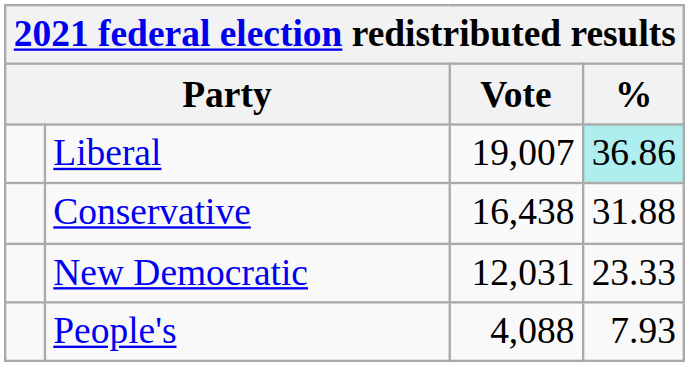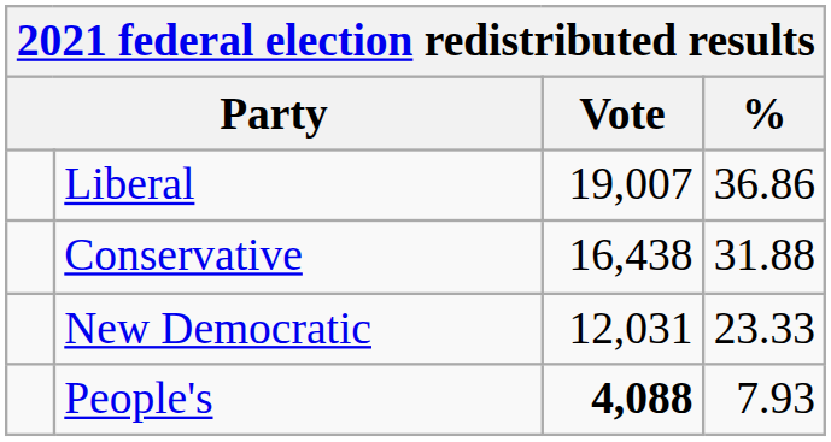 <table class="wikitable">
 <tr>
 <th colspan="4"><a href='#'>2021 federal election</a> redistributed results</th>
 </tr>
 <tr>
 <th bgcolor="#DDDDFF" width="130px" colspan="2">Party</th>
 <th bgcolor="#DDDDFF" width="50px">Vote</th>
 <th bgcolor="#DDDDFF" width="30px">%</th>
 </tr>
 <tr>
 <td> </td>
 <td><a href='#'>Liberal</a></td>
 <td align=right>19,007</td>
-<td align=right style="background: paleturquoise;">36.86</td>
+<td align=right>36.86</td>
 </tr>
 <tr>
 <td> </td>
 <td><a href='#'>Conservative</a></td>
 <td align=right>16,438</td>
 <td align=right>31.88</td>
 </tr>
 <tr>
 <td> </td>
 <td><a href='#'>New Democratic</a></td>
 <td align=right>12,031</td>
 <td align=right>23.33</td>
 </tr>
 <tr>
 <td> </td>
 <td><a href='#'>People's</a></td>
-<td align=right>4,088</td>
+<td align=right><strong>4,088</strong></td>
 <td align=right>7.93</td>
 </tr>
 </table>
